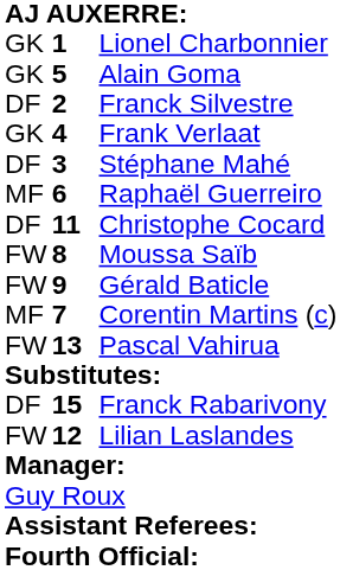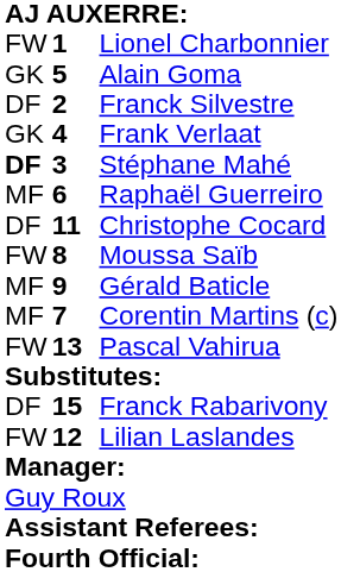 <table style=font-size:90% cellspacing=0 cellpadding=0>
 <tr>
 <td colspan=4><strong>AJ AUXERRE:</strong></td>
 </tr>
 <tr>
 <th width=25></th>
 <th width=25></th>
 </tr>
 <tr>
-<td>GK</td>
+<td>FW</td>
 <td><strong>1</strong></td>
 <td> <a href='#'>Lionel Charbonnier</a></td>
 </tr>
 <tr>
 <td>GK</td>
 <td><strong>5</strong></td>
 <td> <a href='#'>Alain Goma</a></td>
 </tr>
 <tr>
 <td>DF</td>
 <td><strong>2</strong></td>
 <td> <a href='#'>Franck Silvestre</a></td>
 </tr>
 <tr>
 <td>GK</td>
 <td><strong>4</strong></td>
 <td> <a href='#'>Frank Verlaat</a></td>
 </tr>
 <tr>
-<td>DF</td>
+<td><strong>DF</strong></td>
 <td><strong>3</strong></td>
 <td> <a href='#'>Stéphane Mahé</a></td>
 </tr>
 <tr>
 <td>MF</td>
 <td><strong>6</strong></td>
 <td> <a href='#'>Raphaël Guerreiro</a></td>
 </tr>
 <tr>
 <td>DF</td>
 <td><strong>11</strong></td>
 <td> <a href='#'>Christophe Cocard</a></td>
 <td></td>
 <td></td>
 </tr>
 <tr>
 <td>FW</td>
 <td><strong>8</strong></td>
 <td> <a href='#'>Moussa Saïb</a></td>
 </tr>
 <tr>
-<td>FW</td>
+<td>MF</td>
 <td><strong>9</strong></td>
 <td> <a href='#'>Gérald Baticle</a></td>
 </tr>
 <tr>
 <td>MF</td>
 <td><strong>7</strong></td>
 <td> <a href='#'>Corentin Martins</a> (<a href='#'>c</a>)</td>
 </tr>
 <tr>
 <td>FW</td>
 <td><strong>13</strong></td>
 <td> <a href='#'>Pascal Vahirua</a></td>
 <td></td>
 <td></td>
 </tr>
 <tr>
 <td colspan=3><strong>Substitutes:</strong></td>
 </tr>
 <tr>
 <td>DF</td>
 <td><strong>15</strong></td>
 <td> <a href='#'>Franck Rabarivony</a></td>
 <td></td>
 <td></td>
 </tr>
 <tr>
 <td>FW</td>
 <td><strong>12</strong></td>
 <td> <a href='#'>Lilian Laslandes</a></td>
 <td></td>
 <td></td>
 </tr>
 <tr>
 <td colspan=3><strong>Manager:</strong></td>
 </tr>
 <tr>
 <td colspan=4> <a href='#'>Guy Roux</a><br><strong>Assistant Referees:</strong><br> <strong>Fourth Official:</strong><br></td>
 </tr>
 </table>
